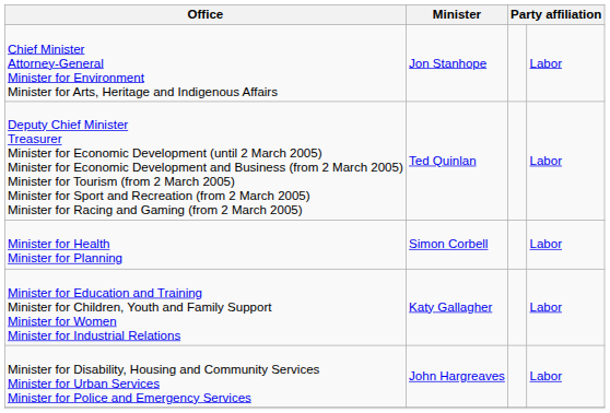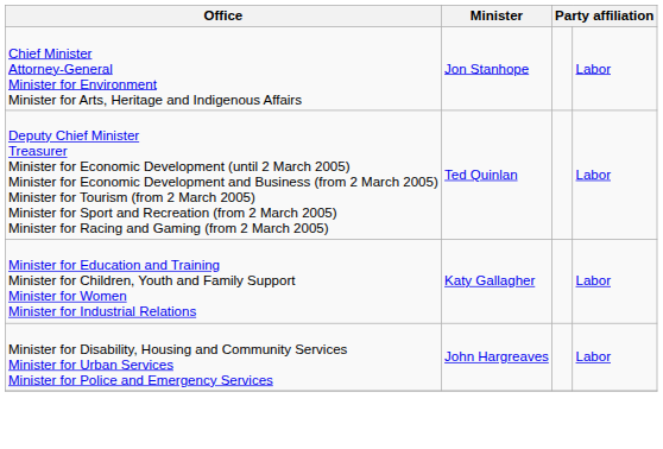 <table class="wikitable">
 <tr>
 <th>Office</th>
 <th>Minister</th>
 <th colspan=2>Party affiliation</th>
 </tr>
 <tr>
 <td><br><a href='#'>Chief Minister</a><br> <a href='#'>Attorney-General</a><br> <a href='#'>Minister for Environment</a><br> Minister for Arts, Heritage and Indigenous Affairs</td>
 <td><a href='#'>Jon Stanhope</a></td>
 <td> </td>
 <td><a href='#'>Labor</a></td>
 </tr>
 <tr>
 <td><br><a href='#'>Deputy Chief Minister</a><br> <a href='#'>Treasurer</a><br> Minister for Economic Development (until 2 March 2005)<br> Minister for Economic Development and Business (from 2 March 2005)<br> Minister for Tourism (from 2 March 2005)<br> Minister for Sport and Recreation (from 2 March 2005)<br> Minister for Racing and Gaming (from 2 March 2005)</td>
 <td><a href='#'>Ted Quinlan</a></td>
 <td> </td>
 <td><a href='#'>Labor</a></td>
 </tr>
 <tr>
-<td><br><a href='#'>Minister for Health</a><br> <a href='#'>Minister for Planning</a><br></td>
-<td><a href='#'>Simon Corbell</a></td>
-<td> </td>
-<td><a href='#'>Labor</a></td>
-</tr>
-<tr>
 <td><br><a href='#'>Minister for Education and Training</a><br> Minister for Children, Youth and Family Support<br> <a href='#'>Minister for Women</a><br> <a href='#'>Minister for Industrial Relations</a></td>
 <td><a href='#'>Katy Gallagher</a></td>
 <td> </td>
 <td><a href='#'>Labor</a></td>
 </tr>
 <tr>
 <td><br>Minister for Disability, Housing and Community Services<br> <a href='#'>Minister for Urban Services</a><br> <a href='#'>Minister for Police and Emergency Services</a><br></td>
 <td><a href='#'>John Hargreaves</a></td>
 <td> </td>
 <td><a href='#'>Labor</a></td>
 </tr>
 <tr>
 </tr>
 </table>
